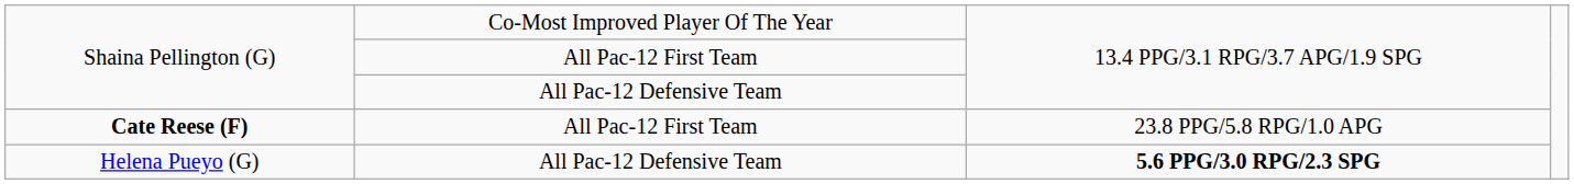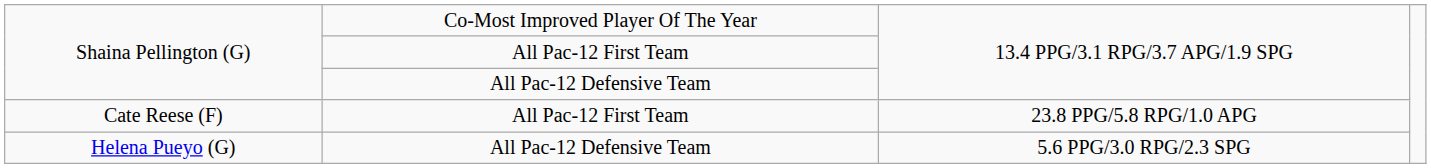 <table class="wikitable" style="width: 90%;text-align: center;">
 <tr align="center">
 <td rowspan="3">Shaina Pellington (G)</td>
 <td>Co-Most Improved Player Of The Year</td>
 <td rowspan="3">13.4 PPG/3.1 RPG/3.7 APG/1.9 SPG</td>
 <td rowspan="5"></td>
 </tr>
 <tr>
 <td>All Pac-12 First Team</td>
 </tr>
 <tr>
 <td>All Pac-12 Defensive Team</td>
 </tr>
 <tr>
-<td><strong>Cate Reese (F)</strong></td>
+<td>Cate Reese (F)</td>
 <td>All Pac-12 First Team</td>
 <td>23.8 PPG/5.8 RPG/1.0 APG</td>
 </tr>
 <tr>
 <td><a href='#'>Helena Pueyo</a> (G)</td>
 <td>All Pac-12 Defensive Team</td>
-<td><strong>5.6 PPG/3.0 RPG/2.3 SPG</strong></td>
+<td>5.6 PPG/3.0 RPG/2.3 SPG</td>
 </tr>
 </table>
